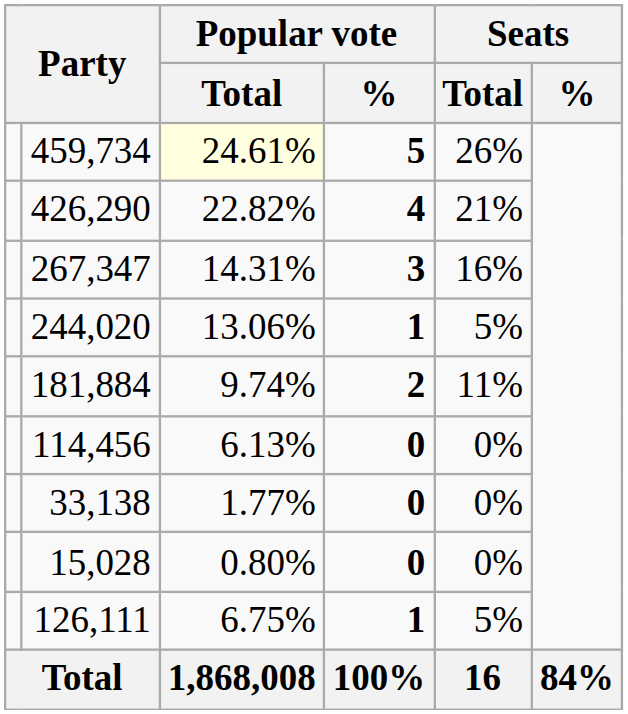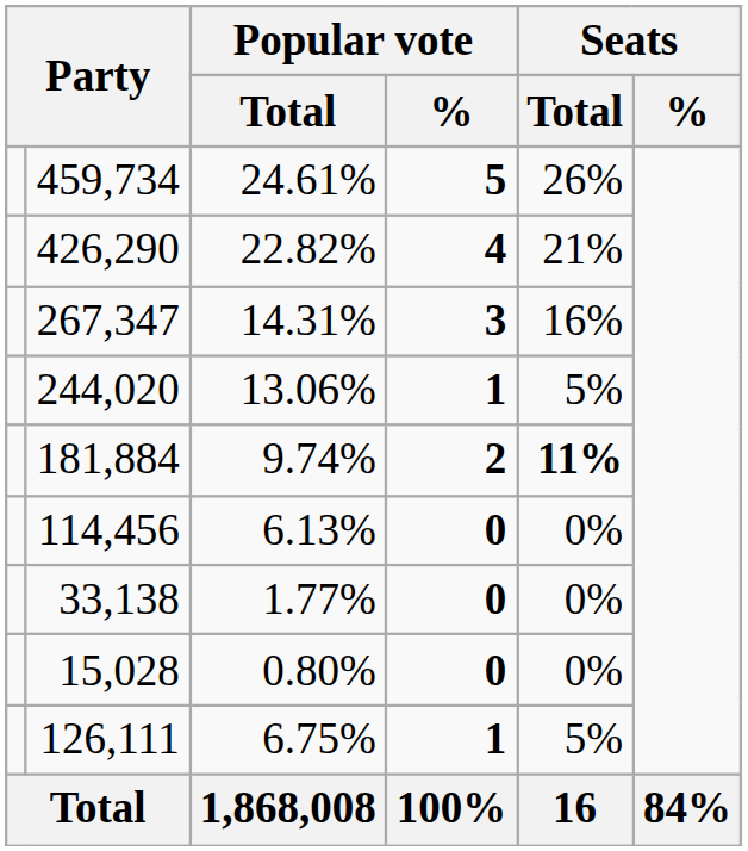 <table class=wikitable style="text-align:right;">
 <tr>
 <th rowspan=2 colspan=2>Party</th>
 <th colspan=2>Popular vote</th>
 <th colspan=2>Seats</th>
 </tr>
 <tr>
 <th>Total</th>
 <th>%</th>
 <th>Total</th>
 <th>%</th>
 </tr>
 <tr>
 <td></td>
 <td>459,734</td>
-<td style="background: lightyellow;">24.61%</td>
+<td>24.61%</td>
 <td><strong>5</strong></td>
 <td>26%</td>
 </tr>
 <tr>
 <td></td>
 <td>426,290</td>
 <td>22.82%</td>
 <td><strong>4</strong></td>
 <td>21%</td>
 </tr>
 <tr>
 <td></td>
 <td>267,347</td>
 <td>14.31%</td>
 <td><strong>3</strong></td>
 <td>16%</td>
 </tr>
 <tr>
 <td></td>
 <td>244,020</td>
 <td>13.06%</td>
 <td><strong>1</strong></td>
 <td>5%</td>
 </tr>
 <tr>
 <td></td>
 <td>181,884</td>
 <td>9.74%</td>
 <td><strong>2</strong></td>
-<td>11%</td>
+<td><strong>11%</strong></td>
 </tr>
 <tr>
 <td></td>
 <td>114,456</td>
 <td>6.13%</td>
 <td><strong>0</strong></td>
 <td>0%</td>
 </tr>
 <tr>
 <td></td>
 <td>33,138</td>
 <td>1.77%</td>
 <td><strong>0</strong></td>
 <td>0%</td>
 </tr>
 <tr>
 <td></td>
 <td>15,028</td>
 <td>0.80%</td>
 <td><strong>0</strong></td>
 <td>0%</td>
 </tr>
 <tr>
 <td></td>
 <td>126,111</td>
 <td>6.75%</td>
 <td><strong>1</strong></td>
 <td>5%</td>
 </tr>
 <tr>
 <th colspan=2>Total</th>
 <th>1,868,008</th>
 <th>100%</th>
 <th>16</th>
 <th>84%</th>
 </tr>
 </table>
